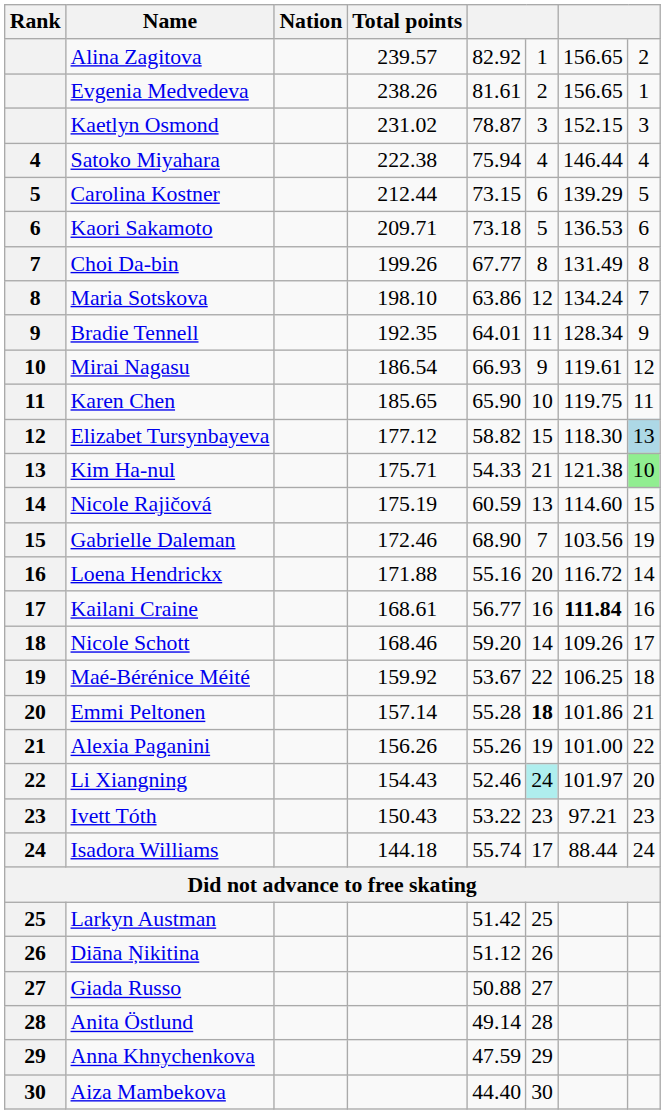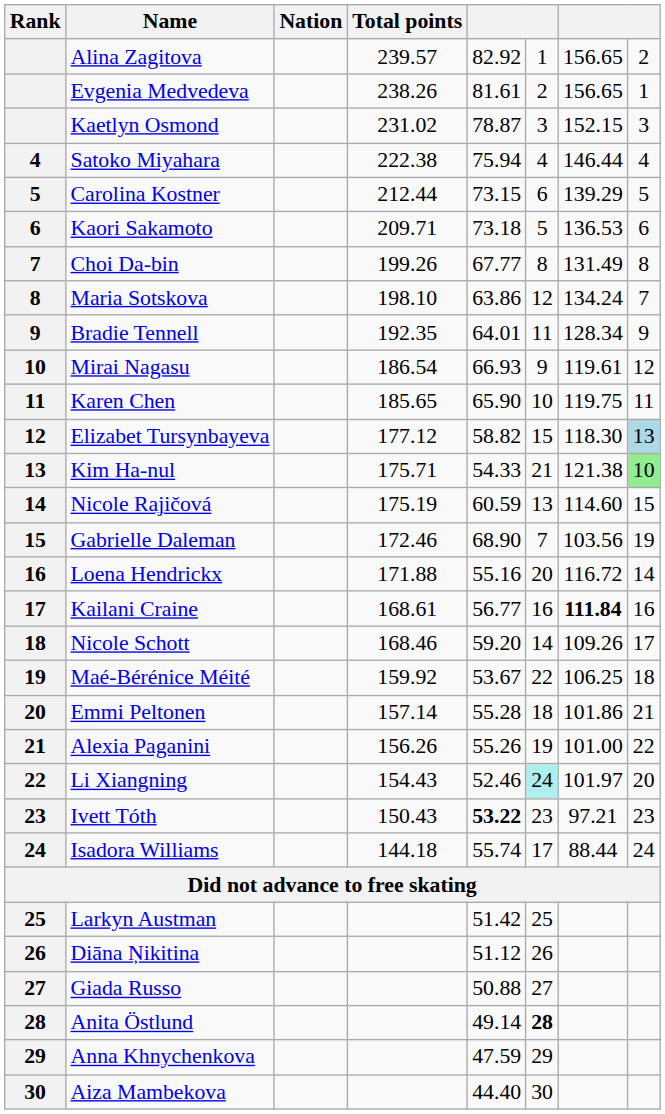 <table class="wikitable sortable" style="text-align:center">
 <tr>
 <th>Rank</th>
 <th>Name</th>
 <th>Nation</th>
 <th>Total points</th>
 <th colspan=2></th>
 <th colspan=2></th>
 </tr>
 <tr>
 <th></th>
 <td align="left"><a href='#'>Alina Zagitova</a></td>
 <td align="left"></td>
 <td>239.57</td>
 <td>82.92</td>
 <td>1</td>
 <td>156.65</td>
 <td>2</td>
 </tr>
 <tr>
 <th></th>
 <td align="left"><a href='#'>Evgenia Medvedeva</a></td>
 <td align="left"></td>
 <td>238.26</td>
 <td>81.61 </td>
 <td>2</td>
 <td>156.65</td>
 <td>1</td>
 </tr>
 <tr>
 <th></th>
 <td align="left"><a href='#'>Kaetlyn Osmond</a></td>
 <td align="left"></td>
 <td>231.02</td>
 <td>78.87</td>
 <td>3</td>
 <td>152.15</td>
 <td>3</td>
 </tr>
 <tr>
 <th>4</th>
 <td align="left"><a href='#'>Satoko Miyahara</a></td>
 <td align="left"></td>
 <td>222.38</td>
 <td>75.94</td>
 <td>4</td>
 <td>146.44</td>
 <td>4</td>
 </tr>
 <tr>
 <th>5</th>
 <td align="left"><a href='#'>Carolina Kostner</a></td>
 <td align="left"></td>
 <td>212.44</td>
 <td>73.15</td>
 <td>6</td>
 <td>139.29</td>
 <td>5</td>
 </tr>
 <tr>
 <th>6</th>
 <td align="left"><a href='#'>Kaori Sakamoto</a></td>
 <td align="left"></td>
 <td>209.71</td>
 <td>73.18</td>
 <td>5</td>
 <td>136.53</td>
 <td>6</td>
 </tr>
 <tr>
 <th>7</th>
 <td align="left"><a href='#'>Choi Da-bin</a></td>
 <td align="left"></td>
 <td>199.26</td>
 <td>67.77</td>
 <td>8</td>
 <td>131.49</td>
 <td>8</td>
 </tr>
 <tr>
 <th>8</th>
 <td align="left"><a href='#'>Maria Sotskova</a></td>
 <td align="left"></td>
 <td>198.10</td>
 <td>63.86</td>
 <td>12</td>
 <td>134.24</td>
 <td>7</td>
 </tr>
 <tr>
 <th>9</th>
 <td align="left"><a href='#'>Bradie Tennell</a></td>
 <td align="left"></td>
 <td>192.35</td>
 <td>64.01</td>
 <td>11</td>
 <td>128.34</td>
 <td>9</td>
 </tr>
 <tr>
 <th>10</th>
 <td align="left"><a href='#'>Mirai Nagasu</a></td>
 <td align="left"></td>
 <td>186.54</td>
 <td>66.93</td>
 <td>9</td>
 <td>119.61</td>
 <td>12</td>
 </tr>
 <tr>
 <th>11</th>
 <td align="left"><a href='#'>Karen Chen</a></td>
 <td align="left"></td>
 <td>185.65</td>
 <td>65.90</td>
 <td>10</td>
 <td>119.75</td>
 <td>11</td>
 </tr>
 <tr>
 <th>12</th>
 <td align="left"><a href='#'>Elizabet Tursynbayeva</a></td>
 <td align="left"></td>
 <td>177.12</td>
 <td>58.82</td>
 <td>15</td>
 <td>118.30</td>
 <td style="background: lightblue;">13</td>
 </tr>
 <tr>
 <th>13</th>
 <td align="left"><a href='#'>Kim Ha-nul</a></td>
 <td align="left"></td>
 <td>175.71</td>
 <td>54.33</td>
 <td>21</td>
 <td>121.38</td>
 <td style="background: lightgreen;">10</td>
 </tr>
 <tr>
 <th>14</th>
 <td align="left"><a href='#'>Nicole Rajičová</a></td>
 <td align="left"></td>
 <td>175.19</td>
 <td>60.59</td>
 <td>13</td>
 <td>114.60</td>
 <td>15</td>
 </tr>
 <tr>
 <th>15</th>
 <td align="left"><a href='#'>Gabrielle Daleman</a></td>
 <td align="left"></td>
 <td>172.46</td>
 <td>68.90</td>
 <td>7</td>
 <td>103.56</td>
 <td>19</td>
 </tr>
 <tr>
 <th>16</th>
 <td align="left"><a href='#'>Loena Hendrickx</a></td>
 <td align="left"></td>
 <td>171.88</td>
 <td>55.16</td>
 <td>20</td>
 <td>116.72</td>
 <td>14</td>
 </tr>
 <tr>
 <th>17</th>
 <td align="left"><a href='#'>Kailani Craine</a></td>
 <td align="left"></td>
 <td>168.61</td>
 <td>56.77</td>
 <td>16</td>
 <td><strong>111.84</strong></td>
 <td>16</td>
 </tr>
 <tr>
 <th>18</th>
 <td align="left"><a href='#'>Nicole Schott</a></td>
 <td align="left"></td>
 <td>168.46</td>
 <td>59.20</td>
 <td>14</td>
 <td>109.26</td>
 <td>17</td>
 </tr>
 <tr>
 <th>19</th>
 <td align="left"><a href='#'>Maé-Bérénice Méité</a></td>
 <td align="left"></td>
 <td>159.92</td>
 <td>53.67</td>
 <td>22</td>
 <td>106.25</td>
 <td>18</td>
 </tr>
 <tr>
 <th>20</th>
 <td align="left"><a href='#'>Emmi Peltonen</a></td>
 <td align="left"></td>
 <td>157.14</td>
 <td>55.28</td>
-<td><strong>18</strong></td>
+<td>18</td>
 <td>101.86</td>
 <td>21</td>
 </tr>
 <tr>
 <th>21</th>
 <td align="left"><a href='#'>Alexia Paganini</a></td>
 <td align="left"></td>
 <td>156.26</td>
 <td>55.26</td>
 <td>19</td>
 <td>101.00</td>
 <td>22</td>
 </tr>
 <tr>
 <th>22</th>
 <td align="left"><a href='#'>Li Xiangning</a></td>
 <td align="left"></td>
 <td>154.43</td>
 <td>52.46</td>
 <td style="background: paleturquoise;">24</td>
 <td>101.97</td>
 <td>20</td>
 </tr>
 <tr>
 <th>23</th>
 <td align="left"><a href='#'>Ivett Tóth</a></td>
 <td align="left"></td>
 <td>150.43</td>
-<td>53.22</td>
+<td><strong>53.22</strong></td>
 <td>23</td>
 <td>97.21</td>
 <td>23</td>
 </tr>
 <tr>
 <th>24</th>
 <td align="left"><a href='#'>Isadora Williams</a></td>
 <td align="left"></td>
 <td>144.18</td>
 <td>55.74</td>
 <td>17</td>
 <td>88.44</td>
 <td>24</td>
 </tr>
 <tr>
 <th colspan=14>Did not advance to free skating</th>
 </tr>
 <tr>
 <th>25</th>
 <td align="left"><a href='#'>Larkyn Austman</a></td>
 <td align="left"></td>
 <td></td>
 <td>51.42</td>
 <td>25</td>
 <td></td>
 <td></td>
 </tr>
 <tr>
 <th>26</th>
 <td align="left"><a href='#'>Diāna Ņikitina</a></td>
 <td align="left"></td>
 <td></td>
 <td>51.12</td>
 <td>26</td>
 <td></td>
 <td></td>
 </tr>
 <tr>
 <th>27</th>
 <td align="left"><a href='#'>Giada Russo</a></td>
 <td align="left"></td>
 <td></td>
 <td>50.88</td>
 <td>27</td>
 <td></td>
 <td></td>
 </tr>
 <tr>
 <th>28</th>
 <td align="left"><a href='#'>Anita Östlund</a></td>
 <td align="left"></td>
 <td></td>
 <td>49.14</td>
-<td>28</td>
+<td><strong>28</strong></td>
 <td></td>
 <td></td>
 </tr>
 <tr>
 <th>29</th>
 <td align="left"><a href='#'>Anna Khnychenkova</a></td>
 <td align="left"></td>
 <td></td>
 <td>47.59</td>
 <td>29</td>
 <td></td>
 <td></td>
 </tr>
 <tr>
 <th>30</th>
 <td align="left"><a href='#'>Aiza Mambekova</a></td>
 <td align="left"></td>
 <td></td>
 <td>44.40</td>
 <td>30</td>
 <td></td>
 <td></td>
 </tr>
 </table>
